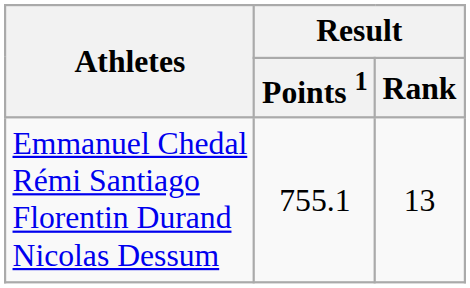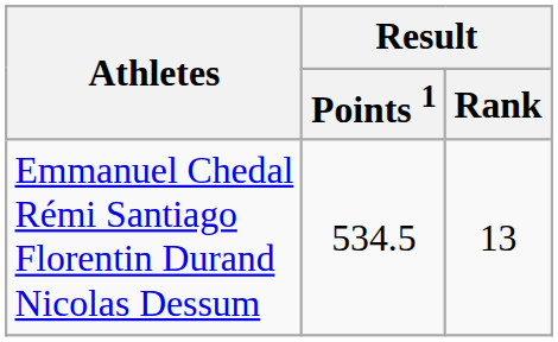 <table class="wikitable" border="1" style="font-size:90%">
 <tr>
 <th rowspan=2>Athletes</th>
 <th colspan=2>Result</th>
 </tr>
 <tr>
 <th>Points <sup>1</sup></th>
 <th>Rank</th>
 </tr>
 <tr>
 <td><a href='#'>Emmanuel Chedal</a><br><a href='#'>Rémi Santiago</a><br><a href='#'>Florentin Durand</a><br><a href='#'>Nicolas Dessum</a></td>
-<td align=center>755.1</td>
+<td align=center>534.5</td>
 <td align=center>13</td>
 </tr>
 </table>
